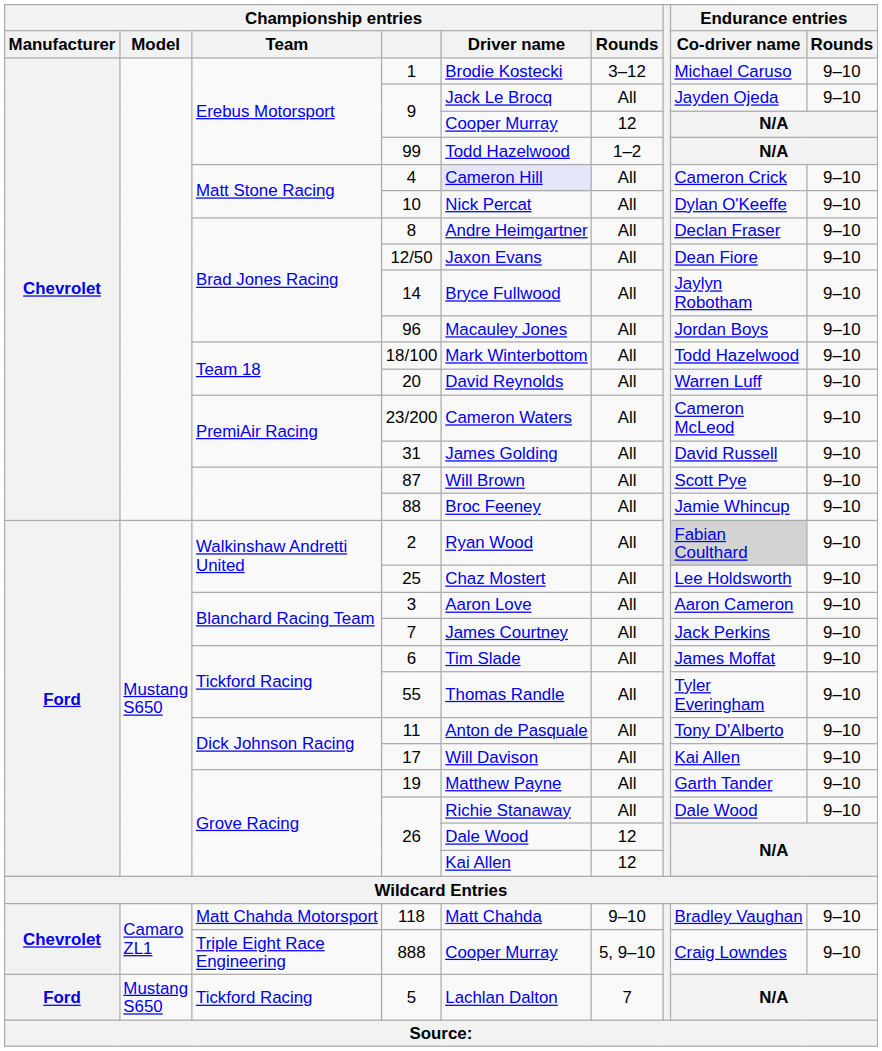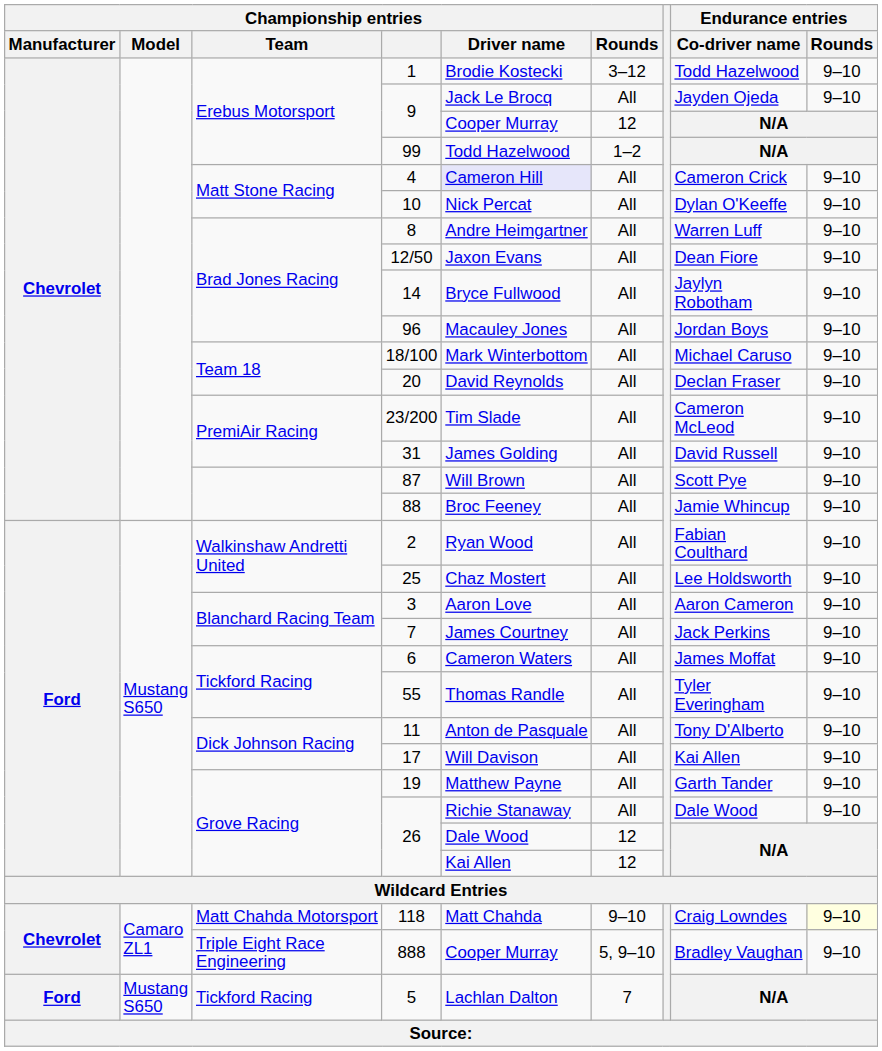 <table class="wikitable" style="font-size:85%;">
 <tr>
 <th colspan="6">Championship entries</th>
 <th rowspan="30"></th>
 <th colspan="2">Endurance entries</th>
 </tr>
 <tr>
 <th>Manufacturer</th>
 <th>Model</th>
 <th>Team</th>
 <th></th>
 <th>Driver name</th>
 <th>Rounds</th>
 <th>Co-driver name</th>
 <th>Rounds</th>
 </tr>
 <tr>
 <th rowspan="16"><a href='#'>Chevrolet</a></th>
 <td rowspan="16"></td>
 <td rowspan="4"><a href='#'>Erebus Motorsport</a></td>
 <td align="center">1</td>
 <td> <a href='#'>Brodie Kostecki</a></td>
 <td align="center">3–12</td>
-<td> <a href='#'>Michael Caruso</a></td>
+<td> <a href='#'>Todd Hazelwood</a></td>
 <td align="center">9–10</td>
 </tr>
 <tr>
 <td rowspan="2" align="center">9</td>
 <td> <a href='#'>Jack Le Brocq</a></td>
 <td align="center">All</td>
 <td> <a href='#'>Jayden Ojeda</a></td>
 <td align="center">9–10</td>
 </tr>
 <tr>
 <td> <a href='#'>Cooper Murray</a></td>
 <td align="center">12</td>
 <th colspan="2">N/A</th>
 </tr>
 <tr>
 <td align="center">99</td>
 <td> <a href='#'>Todd Hazelwood</a></td>
 <td align="center">1–2</td>
 <th colspan="2">N/A</th>
 </tr>
 <tr>
 <td rowspan="2"><a href='#'>Matt Stone Racing</a></td>
 <td align="center">4</td>
 <td style="background: lavender;"> <a href='#'>Cameron Hill</a></td>
 <td align="center">All</td>
 <td> <a href='#'>Cameron Crick</a></td>
 <td align="center">9–10</td>
 </tr>
 <tr>
 <td align="center">10</td>
 <td> <a href='#'>Nick Percat</a></td>
 <td align="center">All</td>
 <td> <a href='#'>Dylan O'Keeffe</a></td>
 <td align="center">9–10</td>
 </tr>
 <tr>
 <td rowspan="4"><a href='#'>Brad Jones Racing</a></td>
 <td align="center">8</td>
 <td> <a href='#'>Andre Heimgartner</a></td>
 <td align="center">All</td>
-<td> <a href='#'>Declan Fraser</a></td>
+<td> <a href='#'>Warren Luff</a></td>
 <td align="center">9–10</td>
 </tr>
 <tr>
 <td align="center">12/50</td>
 <td> <a href='#'>Jaxon Evans</a></td>
 <td align="center">All</td>
 <td> <a href='#'>Dean Fiore</a></td>
 <td align="center">9–10</td>
 </tr>
 <tr>
 <td align="center">14</td>
 <td> <a href='#'>Bryce Fullwood</a></td>
 <td align="center">All</td>
 <td> <a href='#'>Jaylyn Robotham</a></td>
 <td align="center">9–10</td>
 </tr>
 <tr>
 <td align="center">96</td>
 <td> <a href='#'>Macauley Jones</a></td>
 <td align="center">All</td>
 <td> <a href='#'>Jordan Boys</a></td>
 <td align="center">9–10</td>
 </tr>
 <tr>
 <td rowspan="2"><a href='#'>Team 18</a></td>
 <td align="center">18/100</td>
 <td> <a href='#'>Mark Winterbottom</a></td>
 <td align="center">All</td>
-<td> <a href='#'>Todd Hazelwood</a></td>
+<td> <a href='#'>Michael Caruso</a></td>
 <td align="center">9–10</td>
 </tr>
 <tr>
 <td align="center">20</td>
 <td> <a href='#'>David Reynolds</a></td>
 <td align="center">All</td>
-<td> <a href='#'>Warren Luff</a></td>
+<td> <a href='#'>Declan Fraser</a></td>
 <td align="center">9–10</td>
 </tr>
 <tr>
 <td rowspan="2"><a href='#'>PremiAir Racing</a></td>
 <td align="center">23/200</td>
-<td> <a href='#'>Cameron Waters</a></td>
+<td> <a href='#'>Tim Slade</a></td>
 <td align="center">All</td>
 <td> <a href='#'>Cameron McLeod</a></td>
 <td align="center">9–10</td>
 </tr>
 <tr>
 <td align="center">31</td>
 <td> <a href='#'>James Golding</a></td>
 <td align="center">All</td>
 <td> <a href='#'>David Russell</a></td>
 <td align="center">9–10</td>
 </tr>
 <tr>
 <td rowspan="2"></td>
 <td align="center">87</td>
 <td> <a href='#'>Will Brown</a></td>
 <td align="center">All</td>
 <td> <a href='#'>Scott Pye</a></td>
 <td align="center">9–10</td>
 </tr>
 <tr>
 <td align="center">88</td>
 <td> <a href='#'>Broc Feeney</a></td>
 <td align="center">All</td>
 <td> <a href='#'>Jamie Whincup</a></td>
 <td align="center">9–10</td>
 </tr>
 <tr>
 <th rowspan="12"><a href='#'>Ford</a></th>
 <td rowspan="12"><a href='#'>Mustang S650</a></td>
 <td rowspan="2"><a href='#'>Walkinshaw Andretti United</a></td>
 <td align="center">2</td>
 <td> <a href='#'>Ryan Wood</a></td>
 <td align="center">All</td>
-<td style="background: lightgrey;"> <a href='#'>Fabian Coulthard</a></td>
+<td> <a href='#'>Fabian Coulthard</a></td>
 <td align="center">9–10</td>
 </tr>
 <tr>
 <td align="center">25</td>
 <td> <a href='#'>Chaz Mostert</a></td>
 <td align="center">All</td>
 <td> <a href='#'>Lee Holdsworth</a></td>
 <td align="center">9–10</td>
 </tr>
 <tr>
 <td rowspan="2"><a href='#'>Blanchard Racing Team</a></td>
 <td align="center">3</td>
 <td> <a href='#'>Aaron Love</a></td>
 <td align="center">All</td>
 <td> <a href='#'>Aaron Cameron</a></td>
 <td align="center">9–10</td>
 </tr>
 <tr>
 <td align="center">7</td>
 <td> <a href='#'>James Courtney</a></td>
 <td align="center">All</td>
 <td> <a href='#'>Jack Perkins</a></td>
 <td align="center">9–10</td>
 </tr>
 <tr>
 <td rowspan="2"><a href='#'>Tickford Racing</a></td>
 <td align="center">6</td>
-<td> <a href='#'>Tim Slade</a></td>
+<td> <a href='#'>Cameron Waters</a></td>
 <td align="center">All</td>
 <td> <a href='#'>James Moffat</a></td>
 <td align="center">9–10</td>
 </tr>
 <tr>
 <td align="center">55</td>
 <td> <a href='#'>Thomas Randle</a></td>
 <td align="center">All</td>
 <td> <a href='#'>Tyler Everingham</a></td>
 <td align="center">9–10</td>
 </tr>
 <tr>
 <td rowspan="2"><a href='#'>Dick Johnson Racing</a></td>
 <td align="center">11</td>
 <td nowrap> <a href='#'>Anton de Pasquale</a></td>
 <td align="center">All</td>
 <td> <a href='#'>Tony D'Alberto</a></td>
 <td align="center">9–10</td>
 </tr>
 <tr>
 <td align="center">17</td>
 <td> <a href='#'>Will Davison</a></td>
 <td align="center">All</td>
 <td> <a href='#'>Kai Allen</a></td>
 <td align="center">9–10</td>
 </tr>
 <tr>
 <td rowspan="4"><a href='#'>Grove Racing</a></td>
 <td align="center">19</td>
 <td> <a href='#'>Matthew Payne</a></td>
 <td align="center">All</td>
 <td> <a href='#'>Garth Tander</a></td>
 <td align="center">9–10</td>
 </tr>
 <tr>
 <td rowspan="3" align="center">26</td>
 <td> <a href='#'>Richie Stanaway</a></td>
 <td align="center">All</td>
 <td> <a href='#'>Dale Wood</a></td>
 <td align="center">9–10</td>
 </tr>
 <tr>
 <td> <a href='#'>Dale Wood</a></td>
 <td align="center">12</td>
 <th colspan="2" rowspan="2">N/A</th>
 </tr>
 <tr>
 <td> <a href='#'>Kai Allen</a></td>
 <td align="center">12</td>
 </tr>
 <tr>
 <th colspan="9">Wildcard Entries</th>
 </tr>
 <tr>
 <th rowspan="2"><a href='#'>Chevrolet</a></th>
 <td rowspan="2"><a href='#'>Camaro ZL1</a></td>
 <td nowrap><a href='#'>Matt Chahda Motorsport</a></td>
 <td align="center">118</td>
 <td> <a href='#'>Matt Chahda</a></td>
 <td align=center>9–10</td>
 <th rowspan=3></th>
-<td nowrap> <a href='#'>Bradley Vaughan</a></td>
-<td align="center">9–10</td>
+<td> <a href='#'>Craig Lowndes</a></td>
+<td align="center" style="background: lightyellow;">9–10</td>
 </tr>
 <tr>
 <td><a href='#'>Triple Eight Race Engineering</a></td>
 <td align=center>888</td>
 <td> <a href='#'>Cooper Murray</a></td>
 <td align=center>5, 9–10</td>
-<td> <a href='#'>Craig Lowndes</a></td>
+<td nowrap> <a href='#'>Bradley Vaughan</a></td>
 <td align=center>9–10</td>
 </tr>
 <tr>
 <th rowspan="1"><a href='#'>Ford</a></th>
 <td rowspan="1"><a href='#'>Mustang S650</a></td>
 <td nowrap><a href='#'>Tickford Racing</a></td>
 <td align="center">5</td>
 <td> <a href='#'>Lachlan Dalton</a></td>
 <td align=center>7</td>
 <th colspan="2">N/A</th>
 </tr>
 <tr>
 <th colspan="9">Source:</th>
 </tr>
 </table>
